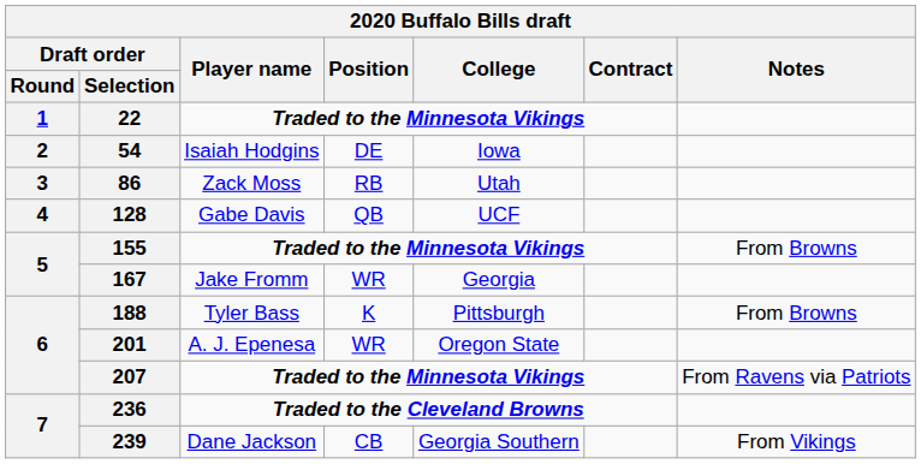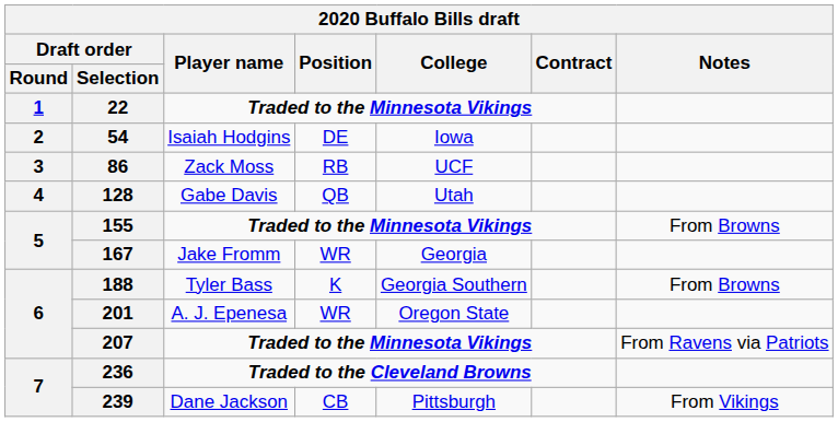 <table class="wikitable" style="text-align:center">
 <tr>
 <th colspan="7">2020 Buffalo Bills draft</th>
 </tr>
 <tr>
 <th colspan="2">Draft order</th>
 <th rowspan="2">Player name</th>
 <th rowspan="2">Position</th>
 <th rowspan="2">College</th>
 <th rowspan="2">Contract</th>
 <th rowspan="2">Notes</th>
 </tr>
 <tr>
 <th>Round</th>
 <th>Selection</th>
 </tr>
 <tr>
 <th><a href='#'>1</a></th>
 <th>22</th>
 <td colspan="4"><strong><em>Traded to the <a href='#'>Minnesota Vikings</a></em></strong></td>
 <td></td>
 </tr>
 <tr>
 <th>2</th>
 <th>54</th>
 <td><a href='#'>Isaiah Hodgins</a></td>
 <td><a href='#'>DE</a></td>
 <td><a href='#'>Iowa</a></td>
 <td></td>
 <td></td>
 </tr>
 <tr>
 <th>3</th>
 <th>86</th>
 <td><a href='#'>Zack Moss</a></td>
 <td><a href='#'>RB</a></td>
-<td><a href='#'>Utah</a></td>
+<td><a href='#'>UCF</a></td>
 <td></td>
 <td></td>
 </tr>
 <tr>
 <th>4</th>
 <th>128</th>
 <td><a href='#'>Gabe Davis</a></td>
 <td><a href='#'>QB</a></td>
-<td><a href='#'>UCF</a></td>
+<td><a href='#'>Utah</a></td>
 <td></td>
 <td></td>
 </tr>
 <tr>
 <th rowspan="2">5</th>
 <th>155</th>
 <td colspan="4"><strong><em>Traded to the <a href='#'>Minnesota Vikings</a></em></strong></td>
 <td>From <a href='#'>Browns</a></td>
 </tr>
 <tr>
 <th>167</th>
 <td><a href='#'>Jake Fromm</a></td>
 <td><a href='#'>WR</a></td>
 <td><a href='#'>Georgia</a></td>
 <td></td>
 <td></td>
 </tr>
 <tr>
 <th rowspan="3">6</th>
 <th>188</th>
 <td><a href='#'>Tyler Bass</a></td>
 <td><a href='#'>K</a></td>
-<td><a href='#'>Pittsburgh</a></td>
+<td><a href='#'>Georgia Southern</a></td>
 <td></td>
 <td>From <a href='#'>Browns</a></td>
 </tr>
 <tr>
 <th>201</th>
 <td><a href='#'>A. J. Epenesa</a></td>
 <td><a href='#'>WR</a></td>
 <td><a href='#'>Oregon State</a></td>
 <td></td>
 <td></td>
 </tr>
 <tr>
 <th>207</th>
 <td colspan="4"><strong><em>Traded to the <a href='#'>Minnesota Vikings</a></em></strong></td>
 <td>From <a href='#'>Ravens</a> via <a href='#'>Patriots</a></td>
 </tr>
 <tr>
 <th rowspan="2">7</th>
 <th>236</th>
 <td colspan="4"><strong><em>Traded to the <a href='#'>Cleveland Browns</a></em></strong></td>
 <td></td>
 </tr>
 <tr>
 <th>239</th>
 <td><a href='#'>Dane Jackson</a></td>
 <td><a href='#'>CB</a></td>
-<td><a href='#'>Georgia Southern</a></td>
+<td><a href='#'>Pittsburgh</a></td>
 <td></td>
 <td>From <a href='#'>Vikings</a></td>
 </tr>
 </table>
